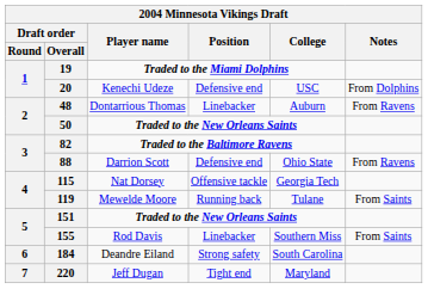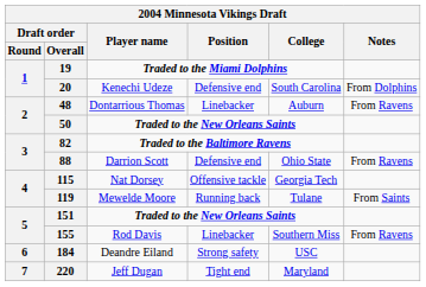 <table class="wikitable" style="text-align:center">
 <tr>
 <th colspan="6">2004 Minnesota Vikings Draft</th>
 </tr>
 <tr>
 <th colspan="2">Draft order</th>
 <th rowspan="2">Player name</th>
 <th rowspan="2">Position</th>
 <th rowspan="2">College</th>
 <th rowspan="2">Notes</th>
 </tr>
 <tr>
 <th>Round</th>
 <th>Overall</th>
 </tr>
 <tr>
 <th rowspan="2"><a href='#'>1</a></th>
 <th>19</th>
 <td colspan="3"><strong><em>Traded to the <a href='#'>Miami Dolphins</a></em></strong></td>
 <td></td>
 </tr>
 <tr>
 <th>20</th>
 <td><a href='#'>Kenechi Udeze</a></td>
 <td><a href='#'>Defensive end</a></td>
-<td><a href='#'>USC</a></td>
+<td><a href='#'>South Carolina</a></td>
 <td>From <a href='#'>Dolphins</a></td>
 </tr>
 <tr>
 <th rowspan="2">2</th>
 <th>48</th>
 <td><a href='#'>Dontarrious Thomas</a></td>
 <td><a href='#'>Linebacker</a></td>
 <td><a href='#'>Auburn</a></td>
 <td>From <a href='#'>Ravens</a></td>
 </tr>
 <tr>
 <th>50</th>
 <td colspan="3"><strong><em>Traded to the <a href='#'>New Orleans Saints</a></em></strong></td>
 <td></td>
 </tr>
 <tr>
 <th rowspan="2">3</th>
 <th>82</th>
 <td colspan="3"><strong><em>Traded to the <a href='#'>Baltimore Ravens</a></em></strong></td>
 <td></td>
 </tr>
 <tr>
 <th>88</th>
 <td><a href='#'>Darrion Scott</a></td>
 <td><a href='#'>Defensive end</a></td>
 <td><a href='#'>Ohio State</a></td>
 <td>From <a href='#'>Ravens</a></td>
 </tr>
 <tr>
 <th rowspan="2">4</th>
 <th>115</th>
 <td><a href='#'>Nat Dorsey</a></td>
 <td><a href='#'>Offensive tackle</a></td>
 <td><a href='#'>Georgia Tech</a></td>
 <td></td>
 </tr>
 <tr>
 <th>119</th>
 <td><a href='#'>Mewelde Moore</a></td>
 <td><a href='#'>Running back</a></td>
 <td><a href='#'>Tulane</a></td>
 <td>From <a href='#'>Saints</a></td>
 </tr>
 <tr>
 <th rowspan="2">5</th>
 <th>151</th>
 <td colspan="3"><strong><em>Traded to the <a href='#'>New Orleans Saints</a></em></strong></td>
 <td></td>
 </tr>
 <tr>
 <th>155</th>
 <td><a href='#'>Rod Davis</a></td>
 <td><a href='#'>Linebacker</a></td>
 <td><a href='#'>Southern Miss</a></td>
-<td>From <a href='#'>Saints</a></td>
+<td>From <a href='#'>Ravens</a></td>
 </tr>
 <tr>
 <th>6</th>
 <th>184</th>
 <td>Deandre Eiland</td>
 <td><a href='#'>Strong safety</a></td>
-<td><a href='#'>South Carolina</a></td>
+<td><a href='#'>USC</a></td>
 <td></td>
 </tr>
 <tr>
 <th>7</th>
 <th>220</th>
 <td><a href='#'>Jeff Dugan</a></td>
 <td><a href='#'>Tight end</a></td>
 <td><a href='#'>Maryland</a></td>
 <td></td>
 </tr>
 </table>
